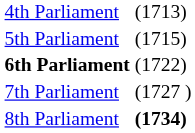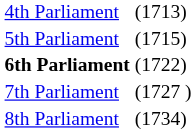 <table id=toc style="float:right">
 <tr>
 <td><a href='#'>4th Parliament</a></td>
 <td>(1713)</td>
 </tr>
 <tr>
 <td><a href='#'>5th Parliament</a></td>
 <td>(1715)</td>
 </tr>
 <tr>
 <td><strong>6th Parliament</strong></td>
 <td>(1722)</td>
 </tr>
 <tr>
 <td><a href='#'>7th Parliament</a></td>
 <td>(1727 )</td>
 </tr>
 <tr>
 <td><a href='#'>8th Parliament</a></td>
-<td><strong>(1734)</strong></td>
+<td>(1734)</td>
 </tr>
 </table>
